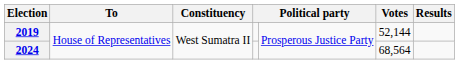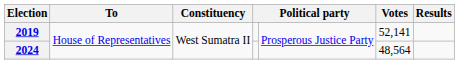 <table class="wikitable">
 <tr>
 <th>Election</th>
 <th><strong>To</strong></th>
 <th>Constituency</th>
 <th colspan="2">Political party</th>
 <th>Votes</th>
 <th>Results</th>
 </tr>
 <tr>
 <th><strong><a href='#'>2019</a></strong></th>
 <td rowspan="2"><a href='#'>House of Representatives</a></td>
 <td rowspan="2">West Sumatra II</td>
 <td style="background:"></td>
 <td rowspan="2"><a href='#'>Prosperous Justice Party</a></td>
-<td>52,144</td>
+<td>52,141</td>
 <td></td>
 </tr>
 <tr>
 <th><strong><a href='#'>2024</a></strong></th>
 <td style="background:"></td>
-<td>68,564</td>
+<td>48,564</td>
 <td></td>
 </tr>
 </table>
